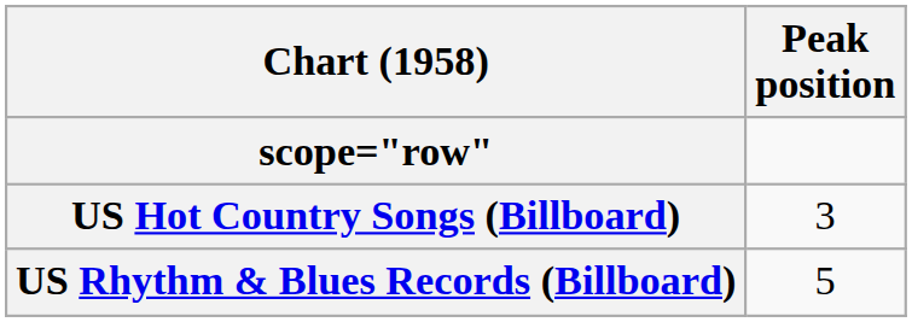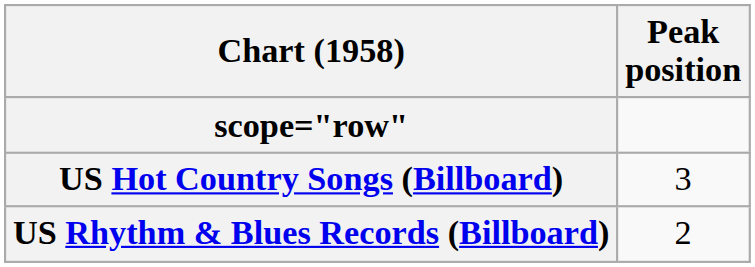 <table class="wikitable plainrowheaders sortable">
 <tr>
 <th scope="col">Chart (1958)</th>
 <th scope="row"><strong>Peak<br>position</strong></th>
 </tr>
 <tr>
 <th>scope="row"</th>
 </tr>
 <tr>
 <th scope="row">US <a href='#'>Hot Country Songs</a> (<a href='#'>Billboard</a>)</th>
 <td style="text-align:center;">3</td>
 </tr>
 <tr>
 <th scope="row">US <a href='#'>Rhythm & Blues Records</a> (<a href='#'>Billboard</a>)</th>
-<td style="text-align:center;">5</td>
+<td style="text-align:center;">2</td>
 </tr>
 </table>
